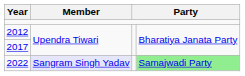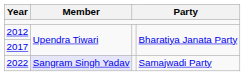 <table class="wikitable">
 <tr>
 <th>Year</th>
 <th>Member</th>
 <th colspan="2">Party</th>
 </tr>
 <tr>
 <td colspan="4"></td>
 </tr>
 <tr>
 <td><a href='#'>2012</a></td>
 <td rowspan="2"><a href='#'>Upendra Tiwari</a></td>
 <td rowspan="2" style="background-color: "></td>
 <td rowspan="2"><a href='#'>Bharatiya Janata Party</a></td>
 </tr>
 <tr>
 <td><a href='#'>2017</a></td>
 </tr>
 <tr>
 <td><a href='#'>2022</a></td>
 <td style="background: lavender;"><a href='#'>Sangram Singh Yadav</a></td>
 <td style="background-color: "></td>
-<td style="background: lightgreen;"><a href='#'>Samajwadi Party</a></td>
+<td><a href='#'>Samajwadi Party</a></td>
 </tr>
 </table>
